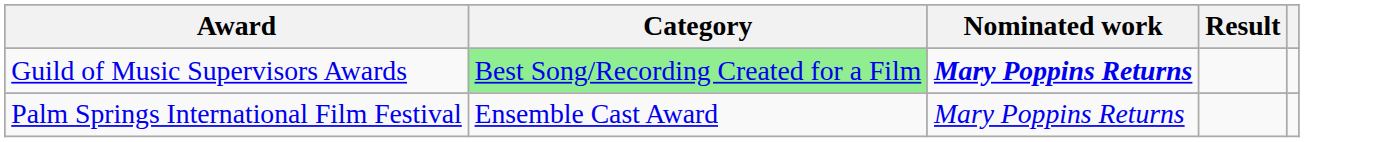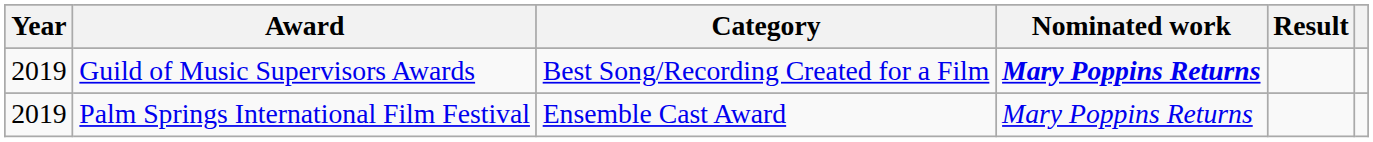 <table class="wikitable">
 <tr>
+<th>Year</th>
 <th>Award</th>
 <th>Category</th>
 <th>Nominated work</th>
 <th>Result</th>
 <th></th>
 </tr>
 <tr>
+<td>2019</td>
 <td><a href='#'>Guild of Music Supervisors Awards</a></td>
-<td style="background: lightgreen;"><a href='#'>Best Song/Recording Created for a Film</a></td>
+<td><a href='#'>Best Song/Recording Created for a Film</a></td>
 <td><strong><em><a href='#'>Mary Poppins Returns</a></em></strong></td>
 <td></td>
 <td></td>
 </tr>
 <tr>
+<td>2019</td>
 <td><a href='#'>Palm Springs International Film Festival</a></td>
 <td><a href='#'>Ensemble Cast Award</a></td>
 <td><em><a href='#'>Mary Poppins Returns</a></em></td>
 <td></td>
 <td></td>
 </tr>
 </table>
